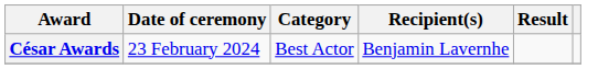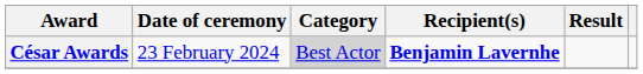 <table class="wikitable sortable plainrowheaders">
 <tr>
 <th scope="col">Award</th>
 <th scope="col">Date of ceremony</th>
 <th scope="col">Category</th>
 <th scope="col">Recipient(s)</th>
 <th scope="col">Result</th>
 <th scope="col" class="unsortable"></th>
 </tr>
 <tr>
 <th scope="row"><a href='#'>César Awards</a></th>
 <td><a href='#'>23 February 2024</a></td>
-<td><a href='#'>Best Actor</a></td>
-<td><a href='#'>Benjamin Lavernhe</a></td>
+<td style="background: lightgrey;"><a href='#'>Best Actor</a></td>
+<td><strong><a href='#'>Benjamin Lavernhe</a></strong></td>
 <td></td>
 <td align="center"><br></td>
 </tr>
 <tr>
 </tr>
 </table>
